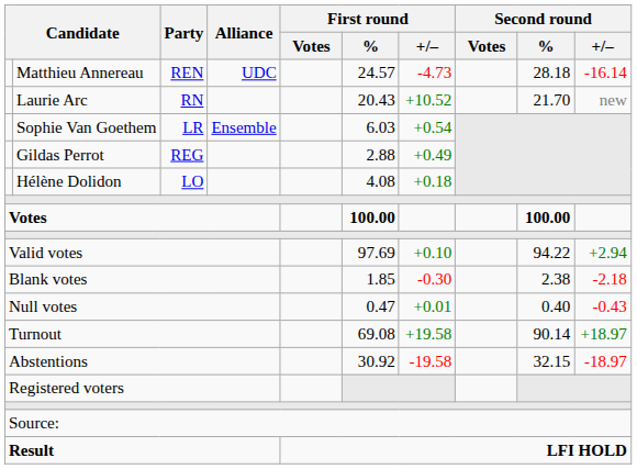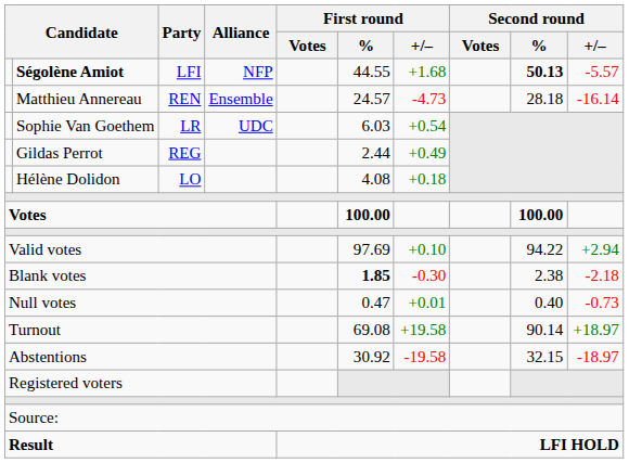 <table class="wikitable" style="text-align:right;font-size:95%;">
 <tr>
 <th rowspan="2" colspan="2">Candidate</th>
 <th colspan="1" rowspan="2">Party</th>
 <th colspan="1" rowspan="2">Alliance</th>
 <th colspan="3">First round</th>
 <th colspan="3">Second round</th>
 </tr>
 <tr>
 <th style="width:50px;">Votes</th>
 <th style="width:45px;">%</th>
 <th style="width:45px;">+/–</th>
 <th style="width:50px;">Votes</th>
 <th style="width:45px;">%</th>
 <th style="width:45px;">+/–</th>
 </tr>
 <tr>
 <td style="color:inherit;background:"></td>
+<td style="text-align:left;"><strong>Ségolène Amiot</strong></td>
+<td><a href='#'>LFI</a></td>
+<td><a href='#'>NFP</a></td>
+<td></td>
+<td>44.55</td>
+<td style="color:green;">+1.68</td>
+<td><strong></strong></td>
+<td><strong>50.13</strong></td>
+<td style="color:red;">-5.57</td>
+</tr>
+<tr>
+<td style="color:inherit;background:"></td>
 <td style="text-align:left;">Matthieu Annereau</td>
 <td><a href='#'>REN</a></td>
-<td><a href='#'>UDC</a></td>
+<td><a href='#'>Ensemble</a></td>
 <td></td>
 <td>24.57</td>
 <td style="color:red;">-4.73</td>
 <td></td>
 <td>28.18</td>
 <td style="color:red;">-16.14</td>
 </tr>
 <tr>
 <td style="color:inherit;background:"></td>
-<td style="text-align:left;">Laurie Arc</td>
-<td><a href='#'>RN</a></td>
-<td></td>
-<td></td>
-<td>20.43</td>
-<td style="color:green;">+10.52</td>
-<td></td>
-<td>21.70</td>
-<td style="color:grey;">new</td>
-</tr>
-<tr>
-<td style="color:inherit;background:"></td>
 <td style="text-align:left;">Sophie Van Goethem</td>
 <td><a href='#'>LR</a></td>
-<td><a href='#'>Ensemble</a></td>
+<td><a href='#'>UDC</a></td>
 <td></td>
 <td>6.03</td>
 <td style="color:green;">+0.54</td>
 <td colspan="3" rowspan="3" style="background:#E9E9E9;"></td>
 </tr>
 <tr>
 <td style="color:inherit;background:"></td>
 <td style="text-align:left;">Gildas Perrot</td>
 <td><a href='#'>REG</a></td>
 <td></td>
 <td></td>
-<td>2.88</td>
+<td>2.44</td>
 <td style="color:green;">+0.49</td>
 </tr>
 <tr>
 <td style="color:inherit;background:"></td>
 <td style="text-align:left;">Hélène Dolidon</td>
 <td><a href='#'>LO</a></td>
 <td></td>
 <td></td>
 <td>4.08</td>
 <td style="color:green;">+0.18</td>
 </tr>
 <tr>
 <td colspan="10" style="background:#E9E9E9;"></td>
 </tr>
 <tr style="font-weight:bold;">
 <td colspan="4" style="text-align:left;">Votes</td>
 <td></td>
 <td>100.00</td>
 <td></td>
 <td></td>
 <td>100.00</td>
 <td></td>
 </tr>
 <tr>
 <td colspan="10" style="background:#E9E9E9;"></td>
 </tr>
 <tr>
 <td colspan="4" style="text-align:left;">Valid votes</td>
 <td></td>
 <td>97.69</td>
 <td style="color:green;">+0.10</td>
 <td></td>
 <td>94.22</td>
 <td style="color:green;">+2.94</td>
 </tr>
 <tr>
 <td colspan="4" style="text-align:left;">Blank votes</td>
 <td></td>
-<td>1.85</td>
+<td><strong>1.85</strong></td>
 <td style="color:red;">-0.30</td>
 <td></td>
 <td>2.38</td>
 <td style="color:red;">-2.18</td>
 </tr>
 <tr>
 <td colspan="4" style="text-align:left;">Null votes</td>
 <td></td>
 <td>0.47</td>
 <td style="color:green;">+0.01</td>
 <td></td>
 <td>0.40</td>
-<td style="color:red;">-0.43</td>
+<td style="color:red;">-0.73</td>
 </tr>
 <tr>
 <td colspan="4" style="text-align:left;">Turnout</td>
 <td></td>
 <td>69.08</td>
 <td style="color:green;">+19.58</td>
 <td></td>
 <td>90.14</td>
 <td style="color:green;">+18.97</td>
 </tr>
 <tr>
 <td colspan="4" style="text-align:left;">Abstentions</td>
 <td></td>
 <td>30.92</td>
 <td style="color:red;">-19.58</td>
 <td></td>
 <td>32.15</td>
 <td style="color:red;">-18.97</td>
 </tr>
 <tr>
 <td colspan="4" style="text-align:left;">Registered voters</td>
 <td></td>
 <td colspan="2" style="background:#E9E9E9;"></td>
 <td></td>
 <td colspan="2" style="background:#E9E9E9;"></td>
 </tr>
 <tr>
 <td colspan="10" style="background:#E9E9E9;"></td>
 </tr>
 <tr>
 <td colspan="10" style="text-align:left;">Source: </td>
 </tr>
 <tr style="font-weight:bold">
 <td colspan="4" style="text-align:left;">Result</td>
 <td colspan="6" style="background-color:">LFI HOLD</td>
 </tr>
 </table>
